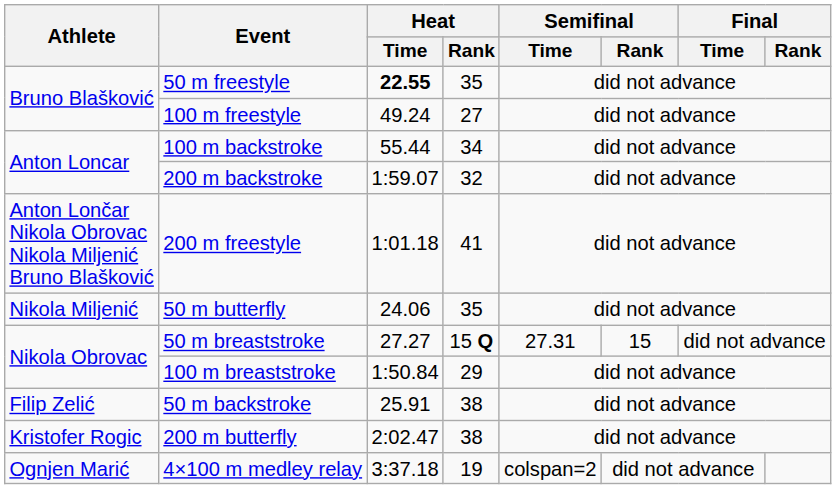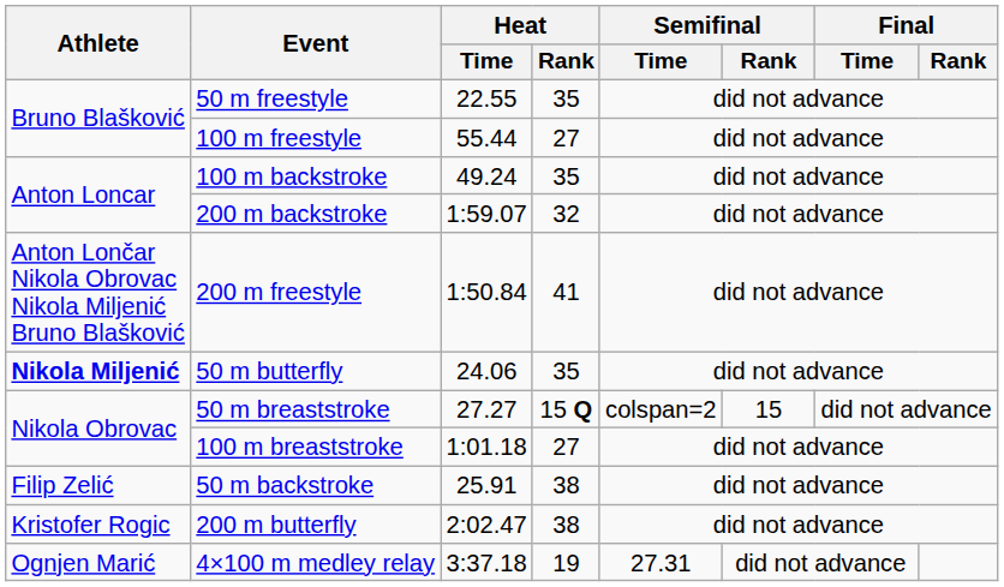 <table class="wikitable" style="text-align:center; font-size:90%">
 <tr>
 <th rowspan="2">Athlete</th>
 <th rowspan="2">Event</th>
 <th colspan="2">Heat</th>
 <th colspan="2">Semifinal</th>
 <th colspan="2">Final</th>
 </tr>
 <tr style="font-size:95%">
 <th>Time</th>
 <th>Rank</th>
 <th>Time</th>
 <th>Rank</th>
 <th>Time</th>
 <th>Rank</th>
 </tr>
 <tr>
 <td align=left rowspan=2><a href='#'>Bruno Blašković</a></td>
 <td align=left><a href='#'>50 m freestyle</a></td>
-<td><strong>22.55</strong></td>
+<td>22.55</td>
 <td>35</td>
 <td colspan=4>did not advance</td>
 </tr>
 <tr>
 <td align=left><a href='#'>100 m freestyle</a></td>
-<td>49.24</td>
+<td>55.44</td>
 <td>27</td>
 <td colspan=4>did not advance</td>
 </tr>
 <tr>
 <td align=left rowspan=2><a href='#'>Anton Loncar</a></td>
 <td align=left><a href='#'>100 m backstroke</a></td>
-<td>55.44</td>
-<td>34</td>
+<td>49.24</td>
+<td>35</td>
 <td colspan=4>did not advance</td>
 </tr>
 <tr>
 <td align=left><a href='#'>200 m backstroke</a></td>
 <td>1:59.07</td>
 <td>32</td>
 <td colspan=4>did not advance</td>
 </tr>
 <tr>
 <td align=left><a href='#'>Anton Lončar</a><br><a href='#'>Nikola Obrovac</a><br><a href='#'>Nikola Miljenić</a><br><a href='#'>Bruno Blašković</a></td>
 <td align=left><a href='#'>200 m freestyle</a></td>
-<td>1:01.18</td>
+<td>1:50.84</td>
 <td>41</td>
 <td colspan=4>did not advance</td>
 </tr>
 <tr>
-<td align=left><a href='#'>Nikola Miljenić</a></td>
+<td align=left><strong><a href='#'>Nikola Miljenić</a></strong></td>
 <td align=left><a href='#'>50 m butterfly</a></td>
 <td>24.06</td>
 <td>35</td>
 <td colspan=4>did not advance</td>
 </tr>
 <tr>
 <td align=left rowspan=2><a href='#'>Nikola Obrovac</a></td>
 <td align=left><a href='#'>50 m breaststroke</a></td>
 <td>27.27</td>
 <td>15 <strong>Q</strong></td>
-<td>27.31</td>
+<td>colspan=2 </td>
 <td>15</td>
 <td colspan=2>did not advance</td>
 </tr>
 <tr>
 <td align=left><a href='#'>100 m breaststroke</a></td>
-<td>1:50.84</td>
-<td>29</td>
+<td>1:01.18</td>
+<td>27</td>
 <td colspan=4>did not advance</td>
 </tr>
 <tr>
 <td align=left><a href='#'>Filip Zelić</a></td>
 <td align=left><a href='#'>50 m backstroke</a></td>
 <td>25.91</td>
 <td>38</td>
 <td colspan=4>did not advance</td>
 </tr>
 <tr>
 <td align=left><a href='#'>Kristofer Rogic</a></td>
 <td align=left><a href='#'>200 m butterfly</a></td>
 <td>2:02.47</td>
 <td>38</td>
 <td colspan=4>did not advance</td>
 </tr>
 <tr>
 <td align=left><a href='#'>Ognjen Marić</a></td>
 <td align=left><a href='#'>4×100 m medley relay</a></td>
 <td>3:37.18</td>
 <td>19</td>
-<td>colspan=2 </td>
+<td>27.31</td>
 <td colspan=2>did not advance</td>
 </tr>
 </table>
